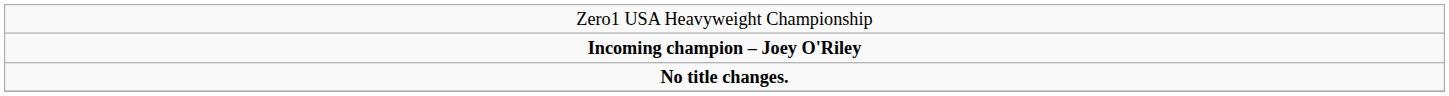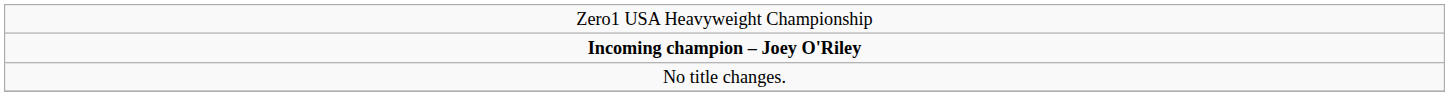 <table class="wikitable" style="text-align:center; width:100%;">
 <tr>
 <td colspan="5" style="text-align: center;">Zero1 USA Heavyweight Championship</td>
 </tr>
 <tr>
 <td colspan="5" style="text-align: center;"><strong>Incoming champion – Joey O'Riley</strong></td>
 </tr>
 <tr>
-<td><strong>No title changes.</strong></td>
+<td>No title changes.</td>
 </tr>
 <tr>
 </tr>
 </table>
